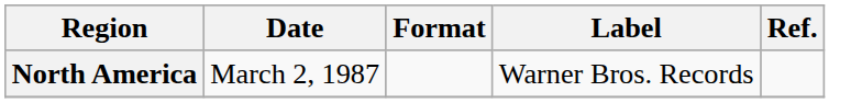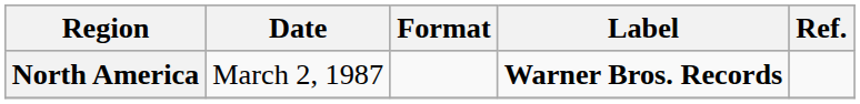 <table class="wikitable plainrowheaders">
 <tr>
 <th scope="col">Region</th>
 <th scope="col">Date</th>
 <th scope="col">Format</th>
 <th scope="col">Label</th>
 <th scope="col">Ref.</th>
 </tr>
 <tr>
 <th scope="row">North America</th>
 <td>March 2, 1987</td>
 <td></td>
-<td>Warner Bros. Records</td>
+<td><strong>Warner Bros. Records</strong></td>
 <td></td>
 </tr>
 <tr>
 </tr>
 </table>
